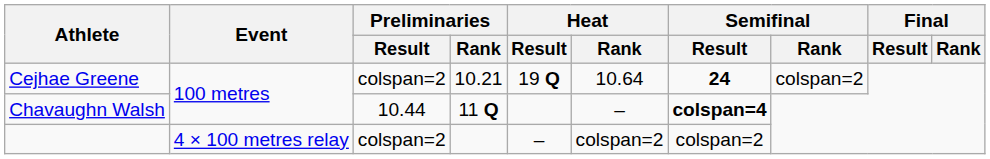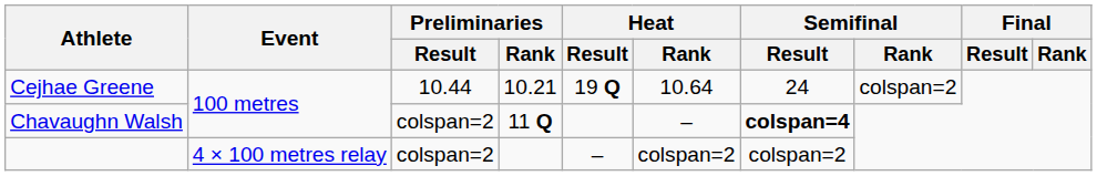 <table class=wikitable style=font-size:90%>
 <tr>
 <th rowspan=2>Athlete</th>
 <th rowspan=2>Event</th>
 <th colspan=2>Preliminaries</th>
 <th colspan=2>Heat</th>
 <th colspan=2>Semifinal</th>
 <th colspan=2>Final</th>
 </tr>
 <tr style=font-size:95%>
 <th>Result</th>
 <th>Rank</th>
 <th>Result</th>
 <th>Rank</th>
 <th>Result</th>
 <th>Rank</th>
 <th>Result</th>
 <th>Rank</th>
 </tr>
 <tr align=center>
 <td align=left><a href='#'>Cejhae Greene</a></td>
 <td align=left rowspan=2><a href='#'>100 metres</a></td>
-<td>colspan=2 </td>
+<td>10.44</td>
 <td>10.21</td>
 <td>19 <strong>Q</strong></td>
 <td>10.64</td>
-<td><strong>24</strong></td>
+<td>24</td>
 <td>colspan=2 </td>
 </tr>
 <tr align=center>
 <td align=left><a href='#'>Chavaughn Walsh</a></td>
-<td>10.44</td>
+<td>colspan=2 </td>
 <td>11 <strong>Q</strong></td>
 <td></td>
 <td>–</td>
 <td><strong>colspan=4 </strong></td>
 </tr>
 <tr align=center>
 <td align=left></td>
 <td align=left><a href='#'>4 × 100 metres relay</a></td>
 <td>colspan=2 </td>
 <td></td>
 <td>–</td>
 <td>colspan=2 </td>
 <td>colspan=2 </td>
 </tr>
 </table>
